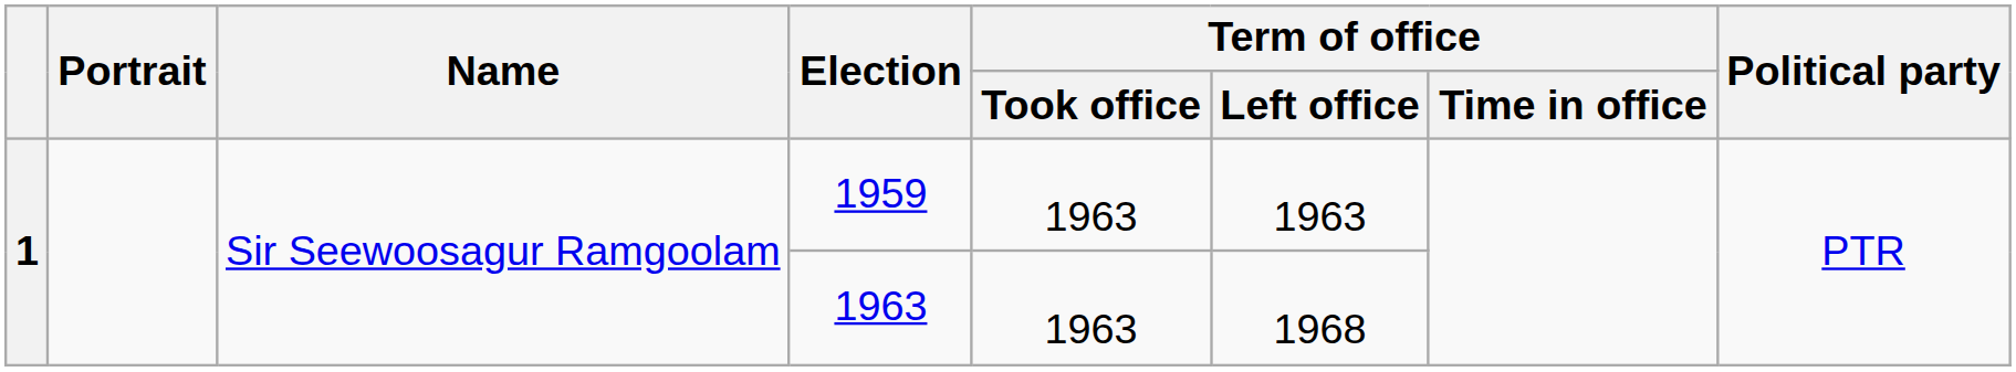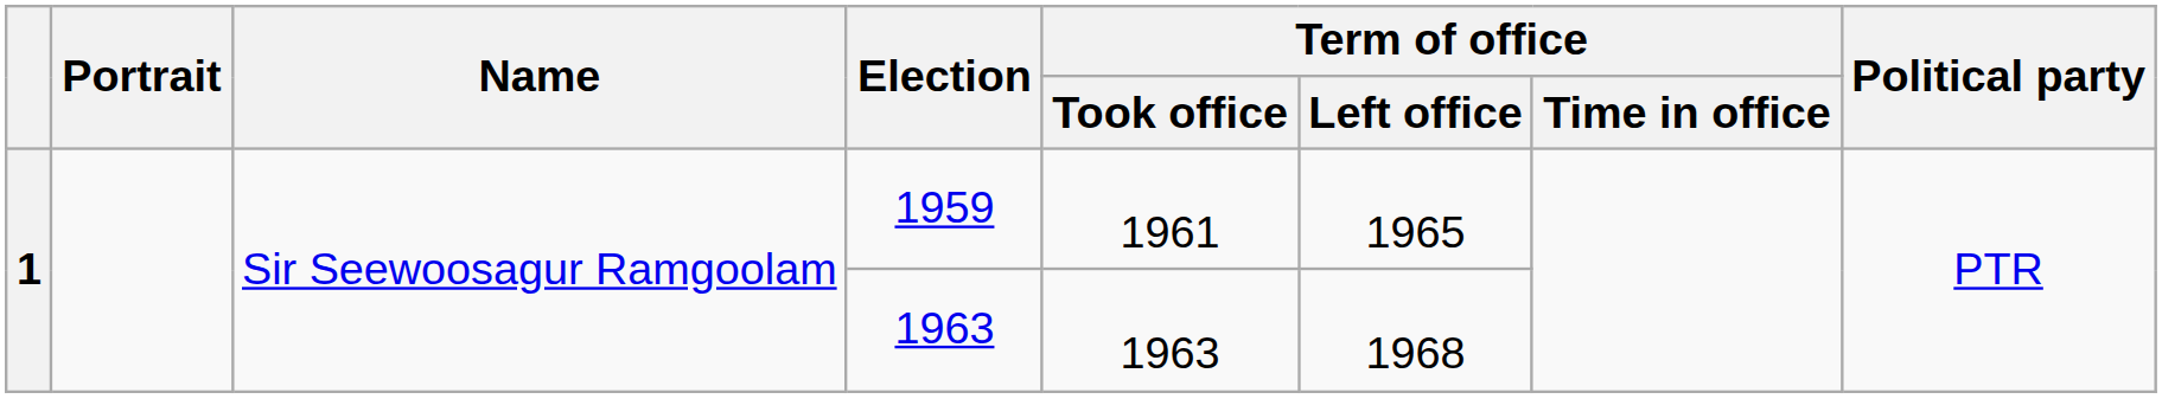 <table class="wikitable" style="font-size:100;text-align:center">
 <tr>
 <th rowspan="2"></th>
 <th rowspan="2">Portrait</th>
 <th rowspan="2">Name<br></th>
 <th rowspan="2">Election</th>
 <th colspan="3">Term of office</th>
 <th rowspan="2">Political party</th>
 </tr>
 <tr>
 <th>Took office</th>
 <th>Left office</th>
 <th>Time in office</th>
 </tr>
 <tr>
 <th rowspan=2 style="background:">1</th>
 <td rowspan=2></td>
 <td rowspan=2><a href='#'>Sir Seewoosagur Ramgoolam</a><br></td>
 <td><a href='#'>1959</a></td>
-<td><br>1963</td>
-<td><br>1963</td>
+<td><br>1961</td>
+<td><br>1965</td>
 <td rowspan=2></td>
 <td rowspan=2><a href='#'>PTR</a></td>
 </tr>
 <tr>
 <td><a href='#'>1963</a></td>
 <td><br>1963</td>
 <td><br>1968</td>
 </tr>
 </table>
